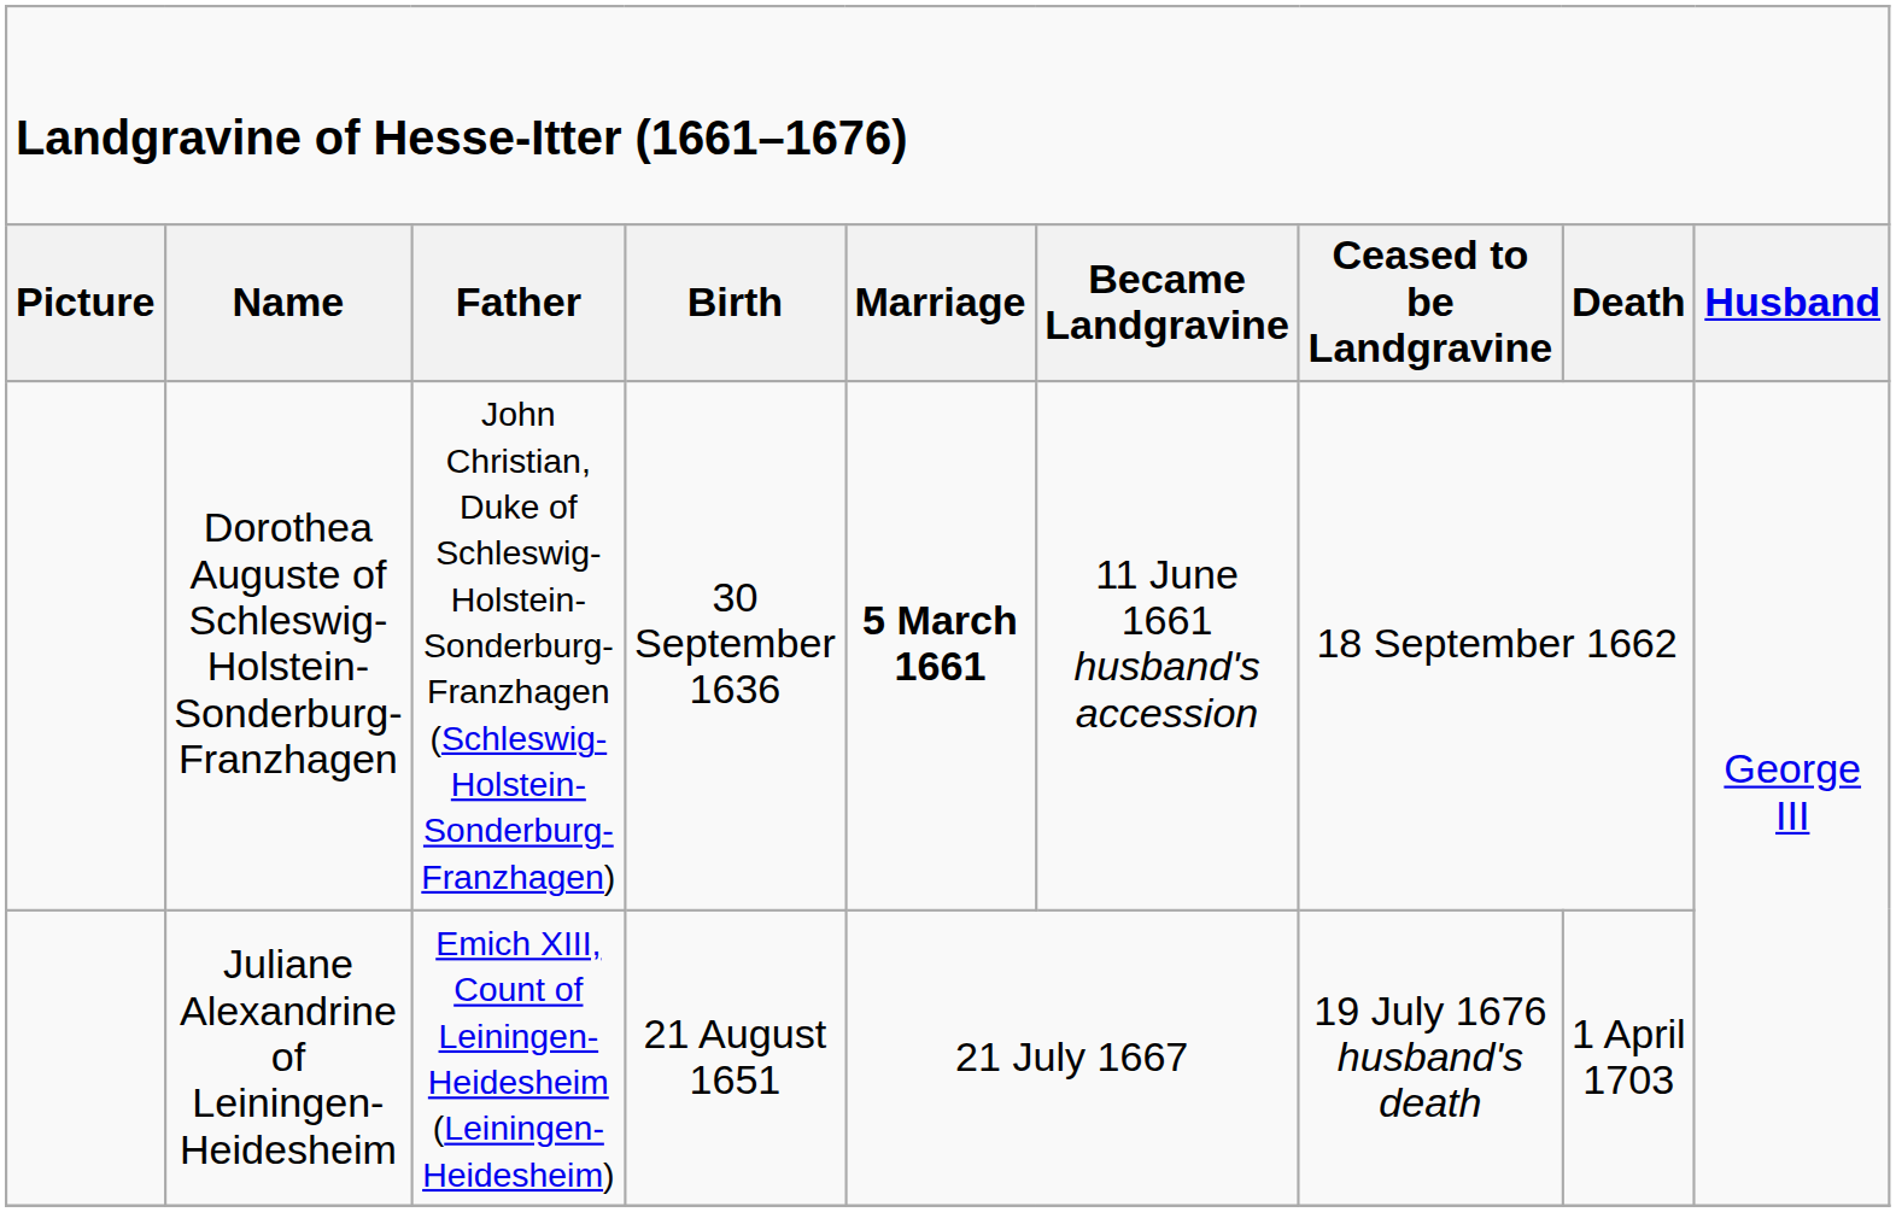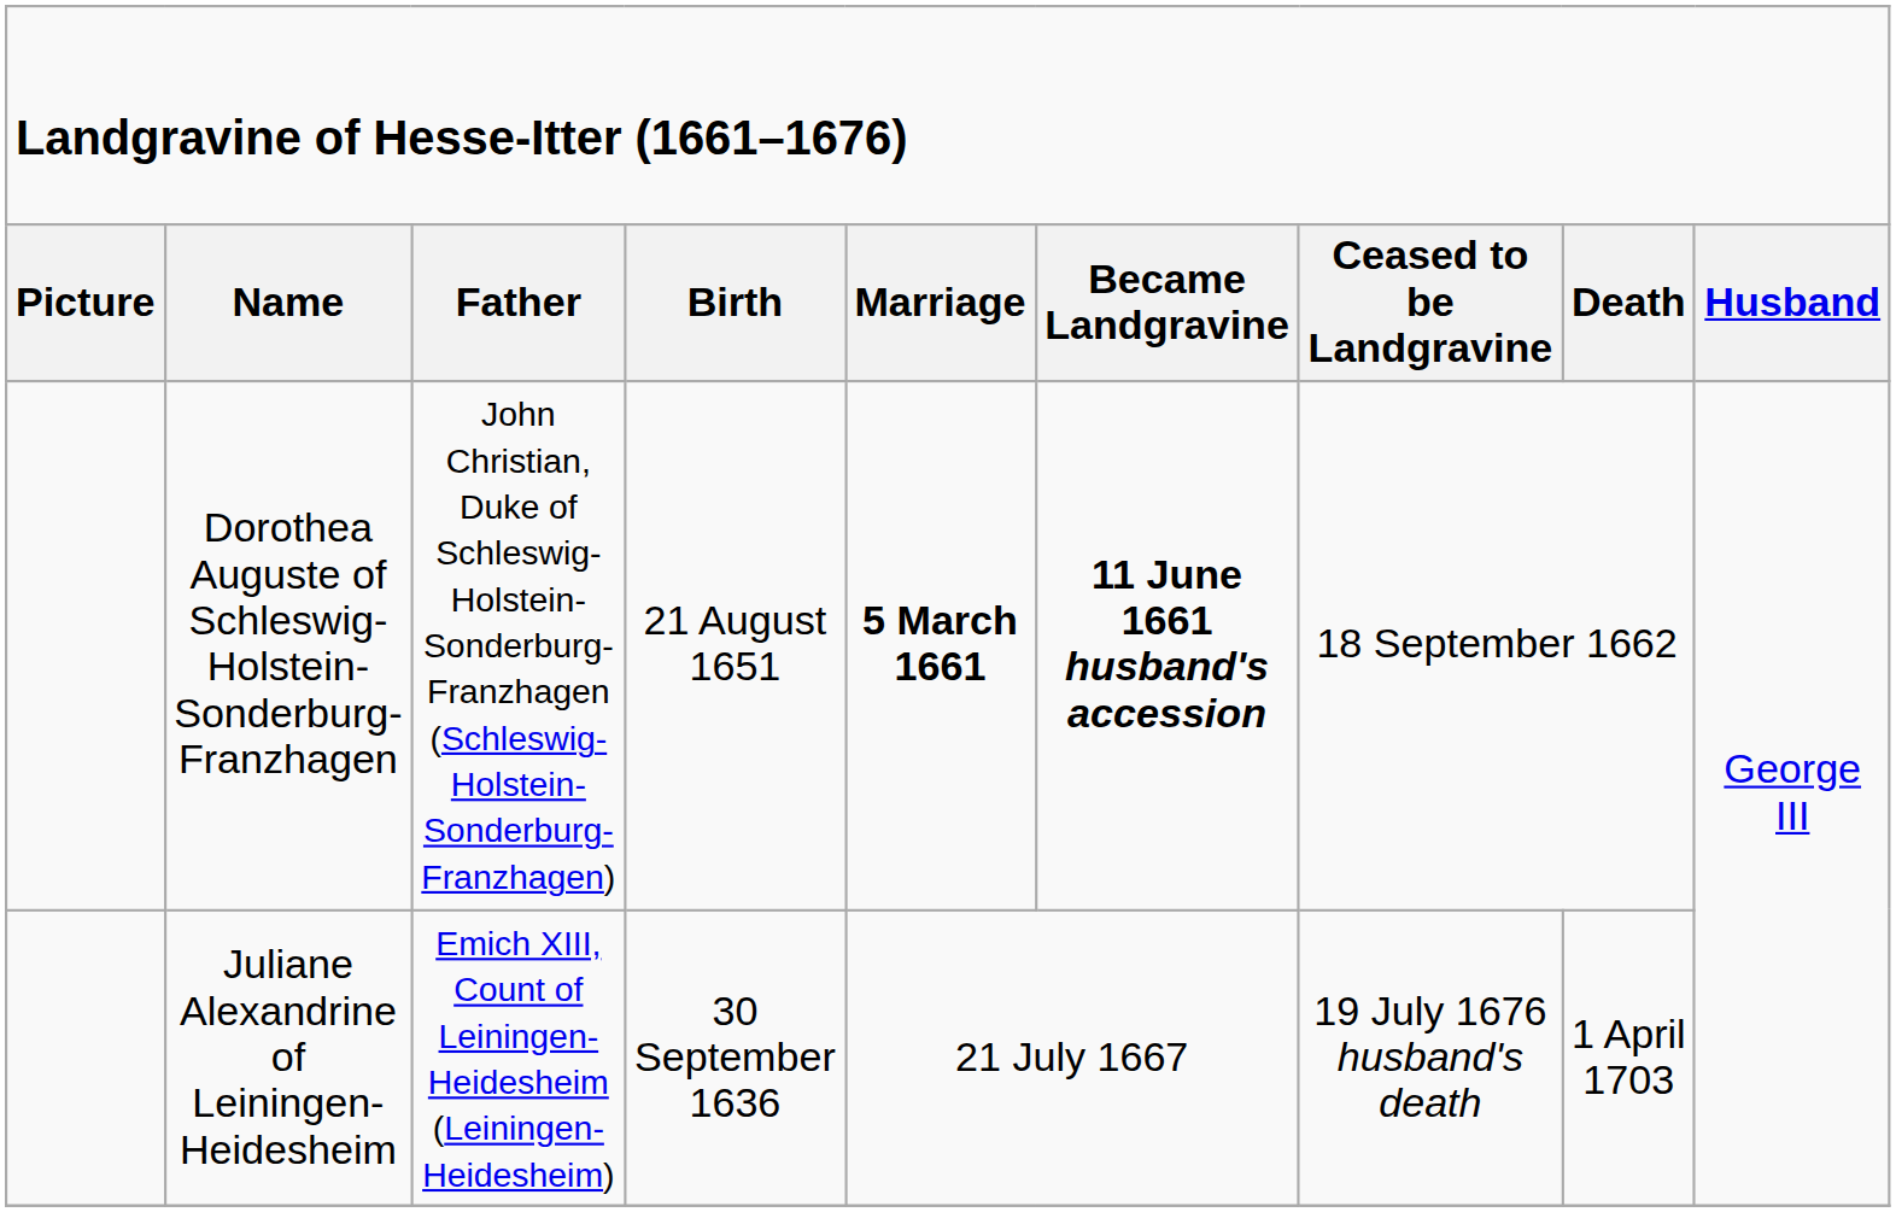 <table width=95% class="wikitable">
 <tr>
 <td colspan="9"><br><h3>Landgravine of Hesse-Itter (1661–1676)</h3></td>
 </tr>
 <tr>
 <th width = "8%">Picture</th>
 <th width = "11%">Name</th>
 <th width = "10%">Father</th>
 <th width = "10%">Birth</th>
 <th width = "9%">Marriage</th>
 <th width = "9%">Became Landgravine</th>
 <th width = "9%">Ceased to be Landgravine</th>
 <th width = "9%">Death</th>
 <th width = "6%"><a href='#'>Husband</a></th>
 </tr>
 <tr>
 <td align="center"></td>
 <td align="center">Dorothea Auguste of Schleswig-Holstein-Sonderburg-Franzhagen</td>
 <td align="center"><small>John Christian, Duke of Schleswig-Holstein-Sonderburg-Franzhagen<br>(<a href='#'>Schleswig-Holstein-Sonderburg-Franzhagen</a>)</small></td>
-<td align="center">30 September 1636</td>
+<td align="center">21 August 1651</td>
 <td align="center"><strong>5 March 1661</strong></td>
-<td align="center">11 June 1661 <br><em>husband's accession</em></td>
+<td align="center"><strong>11 June 1661 <br><em>husband's accession</em></strong></td>
 <td align="center" colspan="2">18 September 1662</td>
 <td align="center" rowspan="2"><a href='#'>George III</a></td>
 </tr>
 <tr>
 <td align="center"></td>
 <td align="center">Juliane Alexandrine of Leiningen-Heidesheim</td>
 <td align="center"><small><a href='#'>Emich XIII, Count of Leiningen-Heidesheim</a><br>(<a href='#'>Leiningen-Heidesheim</a>)</small></td>
-<td align="center">21 August 1651</td>
+<td align="center">30 September 1636</td>
 <td align="center" colspan="2">21 July 1667</td>
 <td align="center">19 July 1676<br><em>husband's death</em></td>
 <td align="center">1 April 1703</td>
 </tr>
 <tr>
 </tr>
 </table>
